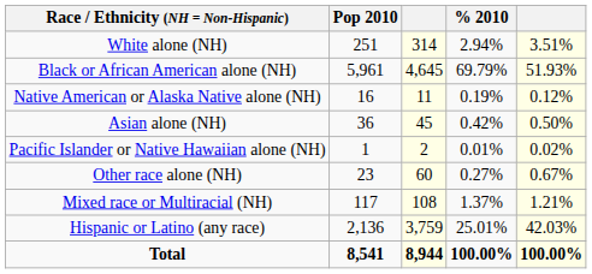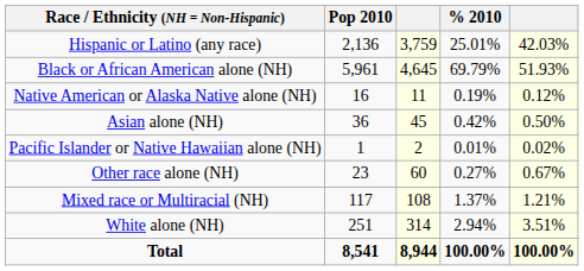 <table class="wikitable" style="text-align:center;">
 <tr>
 <th>Race / Ethnicity <small>(<em>NH = Non-Hispanic</em>)</small></th>
 <th>Pop 2010</th>
 <th></th>
 <th>% 2010</th>
 <th></th>
 </tr>
 <tr>
-<td><a href='#'>White</a> alone (NH)</td>
-<td>251</td>
-<td style='background: #ffffe6;'>314</td>
-<td>2.94%</td>
-<td style='background: #ffffe6;'>3.51%</td>
+<td><a href='#'>Hispanic or Latino</a> (any race)</td>
+<td>2,136</td>
+<td style='background: #ffffe6;'>3,759</td>
+<td>25.01%</td>
+<td style='background: #ffffe6;'>42.03%</td>
 </tr>
 <tr>
 <td><a href='#'>Black or African American</a> alone (NH)</td>
 <td>5,961</td>
 <td style='background: #ffffe6;'>4,645</td>
 <td>69.79%</td>
 <td style='background: #ffffe6;'>51.93%</td>
 </tr>
 <tr>
 <td><a href='#'>Native American</a> or <a href='#'>Alaska Native</a> alone (NH)</td>
 <td>16</td>
 <td style='background: #ffffe6;'>11</td>
 <td>0.19%</td>
 <td style='background: #ffffe6;'>0.12%</td>
 </tr>
 <tr>
 <td><a href='#'>Asian</a> alone (NH)</td>
 <td>36</td>
 <td style='background: #ffffe6;'>45</td>
 <td>0.42%</td>
 <td style='background: #ffffe6;'>0.50%</td>
 </tr>
 <tr>
 <td><a href='#'>Pacific Islander</a> or <a href='#'>Native Hawaiian</a> alone (NH)</td>
 <td>1</td>
 <td style='background: #ffffe6;'>2</td>
 <td>0.01%</td>
 <td style='background: #ffffe6;'>0.02%</td>
 </tr>
 <tr>
 <td><a href='#'>Other race</a> alone (NH)</td>
 <td>23</td>
 <td style='background: #ffffe6;'>60</td>
 <td>0.27%</td>
 <td style='background: #ffffe6;'>0.67%</td>
 </tr>
 <tr>
 <td><a href='#'>Mixed race or Multiracial</a> (NH)</td>
 <td>117</td>
 <td style='background: #ffffe6;'>108</td>
 <td>1.37%</td>
 <td style='background: #ffffe6;'>1.21%</td>
 </tr>
 <tr>
-<td><a href='#'>Hispanic or Latino</a> (any race)</td>
-<td>2,136</td>
-<td style='background: #ffffe6;'>3,759</td>
-<td>25.01%</td>
-<td style='background: #ffffe6;'>42.03%</td>
+<td><a href='#'>White</a> alone (NH)</td>
+<td>251</td>
+<td style='background: #ffffe6;'>314</td>
+<td>2.94%</td>
+<td style='background: #ffffe6;'>3.51%</td>
 </tr>
 <tr>
 <td><strong>Total</strong></td>
 <td><strong>8,541</strong></td>
 <td style='background: #ffffe6;'><strong>8,944</strong></td>
 <td><strong>100.00%</strong></td>
 <td style='background: #ffffe6;'><strong>100.00%</strong></td>
 </tr>
 </table>
